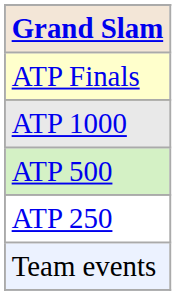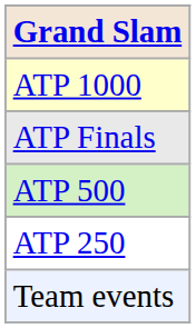 <table class="wikitable" style="font-size:95%">
 <tr>
 </tr>
 <tr style="background:#f3e6d7;">
 <td><strong><a href='#'>Grand Slam</a></strong></td>
 </tr>
 <tr style="background:#ffc;">
-<td><a href='#'>ATP Finals</a></td>
+<td><a href='#'>ATP 1000</a></td>
 </tr>
 <tr style="background:#e9e9e9;">
-<td><a href='#'>ATP 1000</a></td>
+<td><a href='#'>ATP Finals</a></td>
 </tr>
 <tr style="background:#d4f1c5;">
 <td><a href='#'>ATP 500</a></td>
 </tr>
 <tr style="background:#fff;">
 <td><a href='#'>ATP 250</a></td>
 </tr>
 <tr style="background:#ecf2ff;">
 <td>Team events</td>
 </tr>
 </table>
